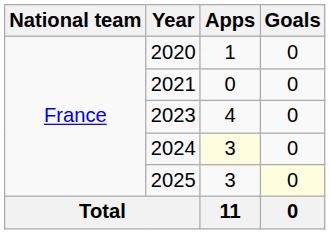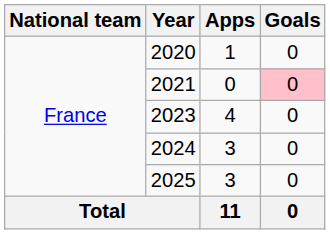 <table class="wikitable" style="text-align:center">
 <tr>
 <th>National team</th>
 <th>Year</th>
 <th>Apps</th>
 <th>Goals</th>
 </tr>
 <tr>
 <td rowspan=5><a href='#'>France</a></td>
 <td>2020</td>
 <td>1</td>
 <td>0</td>
 </tr>
 <tr>
 <td>2021</td>
 <td>0</td>
-<td>0</td>
+<td style="background: pink;">0</td>
 </tr>
 <tr>
 <td>2023</td>
 <td>4</td>
 <td>0</td>
 </tr>
 <tr>
 <td>2024</td>
-<td style="background: lightyellow;">3</td>
+<td>3</td>
 <td>0</td>
 </tr>
 <tr>
 <td>2025</td>
 <td>3</td>
-<td style="background: lightyellow;">0</td>
+<td>0</td>
 </tr>
 <tr>
 <th colspan=2>Total</th>
 <th>11</th>
 <th>0</th>
 </tr>
 </table>
